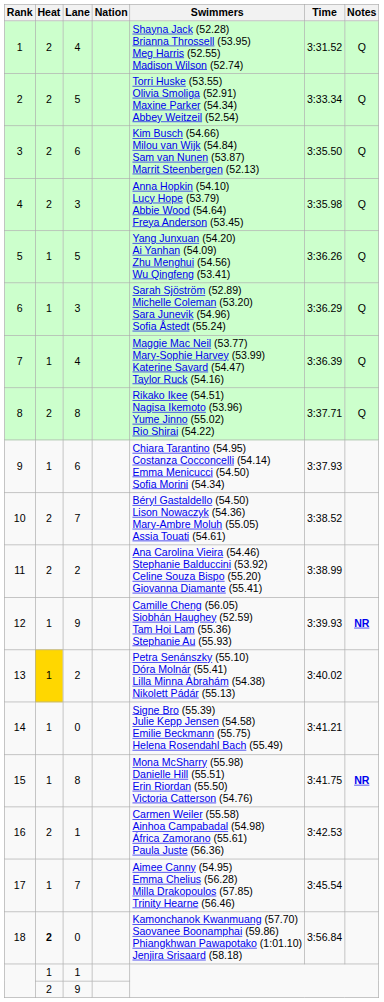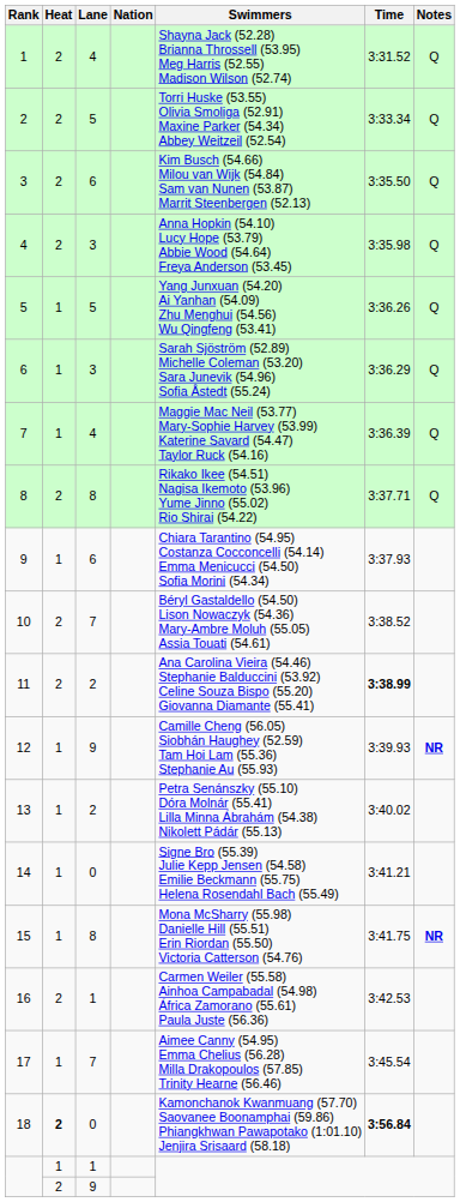 <table class="wikitable sortable" style="text-align:center">
 <tr>
 <th>Rank</th>
 <th>Heat</th>
 <th>Lane</th>
 <th>Nation</th>
 <th>Swimmers</th>
 <th>Time</th>
 <th>Notes</th>
 </tr>
 <tr bgcolor=ccffcc>
 <td>1</td>
 <td>2</td>
 <td>4</td>
 <td align=left></td>
 <td align=left><a href='#'>Shayna Jack</a> (52.28)<br><a href='#'>Brianna Throssell</a> (53.95)<br><a href='#'>Meg Harris</a> (52.55)<br><a href='#'>Madison Wilson</a> (52.74)</td>
 <td>3:31.52</td>
 <td>Q</td>
 </tr>
 <tr bgcolor=ccffcc>
 <td>2</td>
 <td>2</td>
 <td>5</td>
 <td align=left></td>
 <td align=left><a href='#'>Torri Huske</a> (53.55)<br><a href='#'>Olivia Smoliga</a> (52.91)<br><a href='#'>Maxine Parker</a> (54.34)<br><a href='#'>Abbey Weitzeil</a> (52.54)</td>
 <td>3:33.34</td>
 <td>Q</td>
 </tr>
 <tr bgcolor=ccffcc>
 <td>3</td>
 <td>2</td>
 <td>6</td>
 <td align=left></td>
 <td align=left><a href='#'>Kim Busch</a> (54.66)<br><a href='#'>Milou van Wijk</a> (54.84)<br><a href='#'>Sam van Nunen</a> (53.87)<br><a href='#'>Marrit Steenbergen</a> (52.13)</td>
 <td>3:35.50</td>
 <td>Q</td>
 </tr>
 <tr bgcolor=ccffcc>
 <td>4</td>
 <td>2</td>
 <td>3</td>
 <td align=left></td>
 <td align=left><a href='#'>Anna Hopkin</a> (54.10)<br><a href='#'>Lucy Hope</a> (53.79)<br><a href='#'>Abbie Wood</a> (54.64)<br><a href='#'>Freya Anderson</a> (53.45)</td>
 <td>3:35.98</td>
 <td>Q</td>
 </tr>
 <tr bgcolor=ccffcc>
 <td>5</td>
 <td>1</td>
 <td>5</td>
 <td align=left></td>
 <td align=left><a href='#'>Yang Junxuan</a> (54.20)<br><a href='#'>Ai Yanhan</a> (54.09)<br><a href='#'>Zhu Menghui</a> (54.56)<br><a href='#'>Wu Qingfeng</a> (53.41)</td>
 <td>3:36.26</td>
 <td>Q</td>
 </tr>
 <tr bgcolor=ccffcc>
 <td>6</td>
 <td>1</td>
 <td>3</td>
 <td align=left></td>
 <td align=left><a href='#'>Sarah Sjöström</a> (52.89)<br><a href='#'>Michelle Coleman</a> (53.20)<br><a href='#'>Sara Junevik</a> (54.96)<br><a href='#'>Sofia Åstedt</a> (55.24)</td>
 <td>3:36.29</td>
 <td>Q</td>
 </tr>
 <tr bgcolor=ccffcc>
 <td>7</td>
 <td>1</td>
 <td>4</td>
 <td align=left></td>
 <td align=left><a href='#'>Maggie Mac Neil</a> (53.77)<br><a href='#'>Mary-Sophie Harvey</a> (53.99)<br><a href='#'>Katerine Savard</a> (54.47)<br><a href='#'>Taylor Ruck</a> (54.16)</td>
 <td>3:36.39</td>
 <td>Q</td>
 </tr>
 <tr bgcolor=ccffcc>
 <td>8</td>
 <td>2</td>
 <td>8</td>
 <td align=left></td>
 <td align=left><a href='#'>Rikako Ikee</a> (54.51)<br><a href='#'>Nagisa Ikemoto</a> (53.96)<br><a href='#'>Yume Jinno</a> (55.02)<br><a href='#'>Rio Shirai</a> (54.22)</td>
 <td>3:37.71</td>
 <td>Q</td>
 </tr>
 <tr>
 <td>9</td>
 <td>1</td>
 <td>6</td>
 <td align=left></td>
 <td align=left><a href='#'>Chiara Tarantino</a> (54.95)<br><a href='#'>Costanza Cocconcelli</a> (54.14)<br><a href='#'>Emma Menicucci</a> (54.50)<br><a href='#'>Sofia Morini</a> (54.34)</td>
 <td>3:37.93</td>
 <td></td>
 </tr>
 <tr>
 <td>10</td>
 <td>2</td>
 <td>7</td>
 <td align=left></td>
 <td align=left><a href='#'>Béryl Gastaldello</a> (54.50)<br><a href='#'>Lison Nowaczyk</a> (54.36)<br><a href='#'>Mary-Ambre Moluh</a> (55.05)<br><a href='#'>Assia Touati</a> (54.61)</td>
 <td>3:38.52</td>
 <td></td>
 </tr>
 <tr>
 <td>11</td>
 <td>2</td>
 <td>2</td>
 <td align=left></td>
 <td align=left><a href='#'>Ana Carolina Vieira</a> (54.46)<br><a href='#'>Stephanie Balduccini</a> (53.92)<br><a href='#'>Celine Souza Bispo</a> (55.20)<br><a href='#'>Giovanna Diamante</a> (55.41)</td>
-<td>3:38.99</td>
+<td><strong>3:38.99</strong></td>
 <td></td>
 </tr>
 <tr>
 <td>12</td>
 <td>1</td>
 <td>9</td>
 <td align=left></td>
 <td align=left><a href='#'>Camille Cheng</a> (56.05)<br><a href='#'>Siobhán Haughey</a> (52.59)<br><a href='#'>Tam Hoi Lam</a> (55.36)<br><a href='#'>Stephanie Au</a> (55.93)</td>
 <td>3:39.93</td>
 <td><strong><a href='#'>NR</a></strong></td>
 </tr>
 <tr>
 <td>13</td>
-<td style="background: gold;">1</td>
+<td>1</td>
 <td>2</td>
 <td align=left></td>
 <td align=left><a href='#'>Petra Senánszky</a> (55.10)<br><a href='#'>Dóra Molnár</a> (55.41)<br><a href='#'>Lilla Minna Ábrahám</a> (54.38)<br><a href='#'>Nikolett Pádár</a> (55.13)</td>
 <td>3:40.02</td>
 <td></td>
 </tr>
 <tr>
 <td>14</td>
 <td>1</td>
 <td>0</td>
 <td align=left></td>
 <td align=left><a href='#'>Signe Bro</a> (55.39)<br><a href='#'>Julie Kepp Jensen</a> (54.58)<br><a href='#'>Emilie Beckmann</a> (55.75)<br><a href='#'>Helena Rosendahl Bach</a> (55.49)</td>
 <td>3:41.21</td>
 <td></td>
 </tr>
 <tr>
 <td>15</td>
 <td>1</td>
 <td>8</td>
 <td align=left></td>
 <td align=left><a href='#'>Mona McSharry</a> (55.98)<br><a href='#'>Danielle Hill</a> (55.51)<br><a href='#'>Erin Riordan</a> (55.50)<br><a href='#'>Victoria Catterson</a> (54.76)</td>
 <td>3:41.75</td>
 <td><strong><a href='#'>NR</a></strong></td>
 </tr>
 <tr>
 <td>16</td>
 <td>2</td>
 <td>1</td>
 <td align=left></td>
 <td align=left><a href='#'>Carmen Weiler</a> (55.58)<br><a href='#'>Ainhoa Campabadal</a> (54.98)<br><a href='#'>África Zamorano</a> (55.61)<br><a href='#'>Paula Juste</a> (56.36)</td>
 <td>3:42.53</td>
 <td></td>
 </tr>
 <tr>
 <td>17</td>
 <td>1</td>
 <td>7</td>
 <td align=left></td>
 <td align=left><a href='#'>Aimee Canny</a> (54.95)<br><a href='#'>Emma Chelius</a> (56.28)<br><a href='#'>Milla Drakopoulos</a> (57.85)<br><a href='#'>Trinity Hearne</a> (56.46)</td>
 <td>3:45.54</td>
 <td></td>
 </tr>
 <tr>
 <td>18</td>
 <td><strong>2</strong></td>
 <td>0</td>
 <td align=left></td>
 <td align=left><a href='#'>Kamonchanok Kwanmuang</a> (57.70)<br><a href='#'>Saovanee Boonamphai</a> (59.86)<br><a href='#'>Phiangkhwan Pawapotako</a> (1:01.10)<br><a href='#'>Jenjira Srisaard</a> (58.18)</td>
-<td>3:56.84</td>
+<td><strong>3:56.84</strong></td>
 <td></td>
 </tr>
 <tr>
 <td rowspan=2></td>
 <td>1</td>
 <td>1</td>
 <td align=left></td>
 <td rowspan=2 colspan=3></td>
 </tr>
 <tr>
 <td>2</td>
 <td>9</td>
 <td align=left></td>
 </tr>
 </table>
